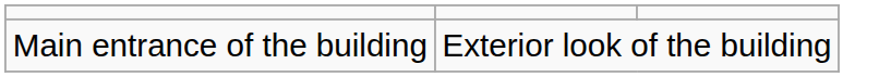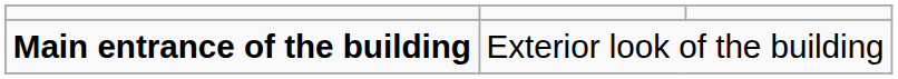 <table class="wikitable">
 <tr>
 <td></td>
 <td></td>
 <td></td>
 </tr>
 <tr>
-<td>Main entrance of the building</td>
+<td><strong>Main entrance of the building</strong></td>
 <td colspan="2">Exterior look of the building</td>
 </tr>
 </table>
